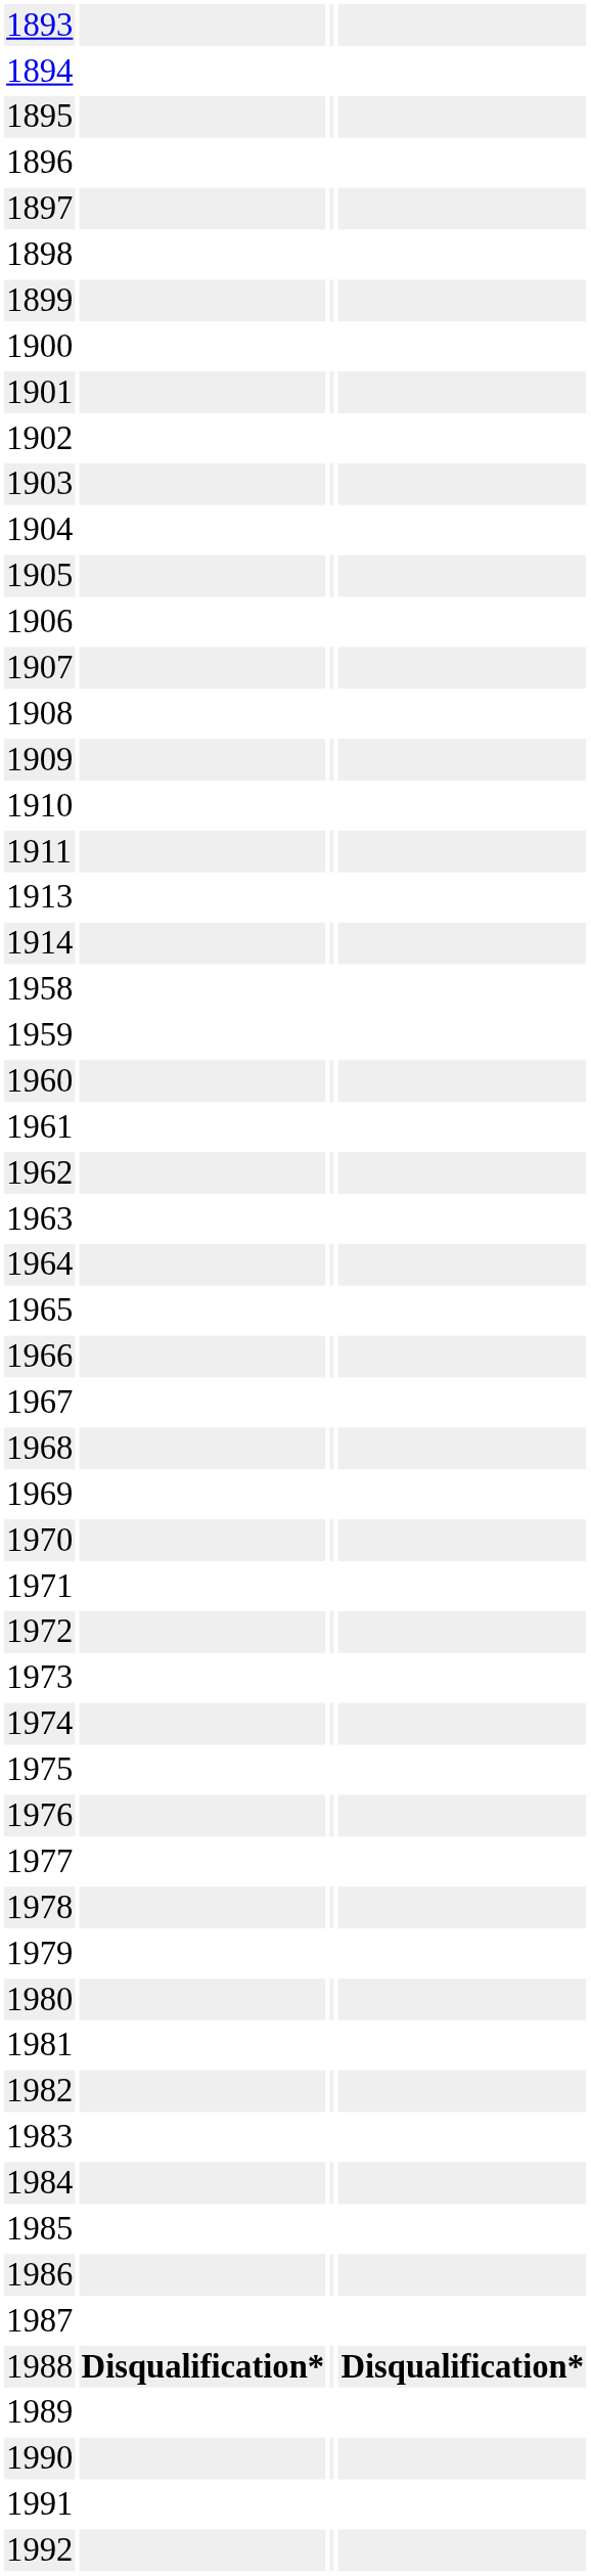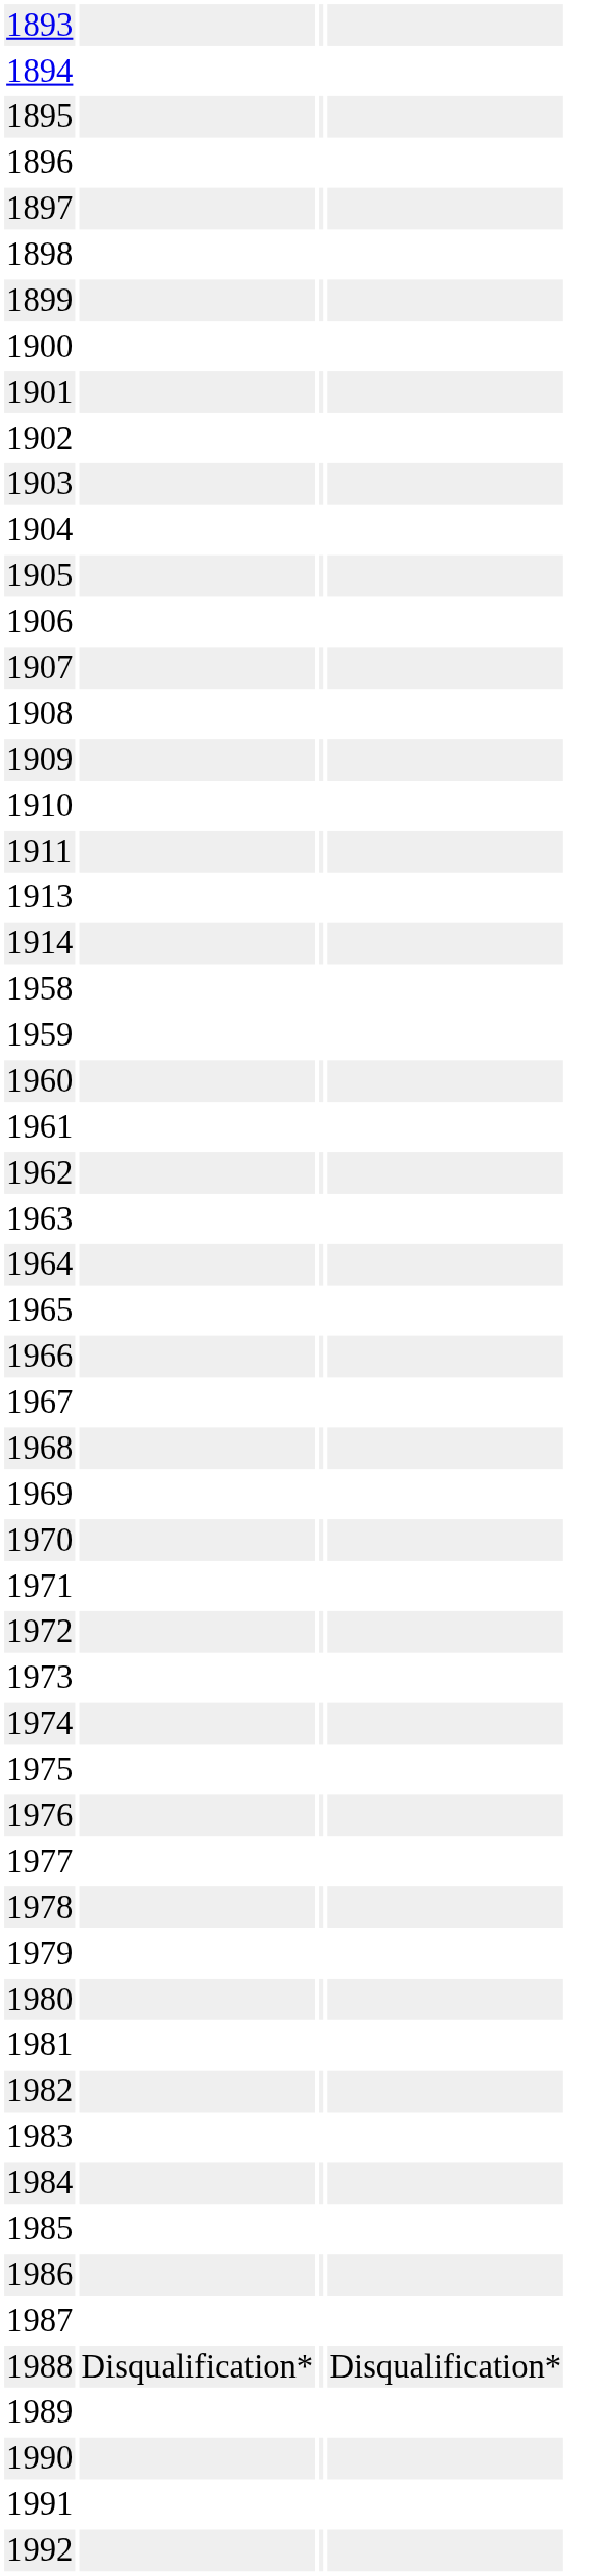 <table>
 <tr bgcolor="#EFEFEF">
 <td><a href='#'>1893</a></td>
 <td></td>
 <td></td>
 <td></td>
 </tr>
 <tr>
 <td><a href='#'>1894</a></td>
 <td></td>
 <td></td>
 <td></td>
 </tr>
 <tr bgcolor="#EFEFEF">
 <td>1895</td>
 <td></td>
 <td></td>
 <td></td>
 </tr>
 <tr>
 <td>1896</td>
 <td></td>
 <td></td>
 <td></td>
 </tr>
 <tr bgcolor="#EFEFEF">
 <td>1897</td>
 <td></td>
 <td></td>
 <td></td>
 </tr>
 <tr>
 <td>1898</td>
 <td></td>
 <td></td>
 <td></td>
 </tr>
 <tr bgcolor="#EFEFEF">
 <td>1899</td>
 <td></td>
 <td></td>
 <td></td>
 </tr>
 <tr>
 <td>1900</td>
 <td></td>
 <td></td>
 <td></td>
 </tr>
 <tr bgcolor="#EFEFEF">
 <td>1901</td>
 <td></td>
 <td></td>
 <td></td>
 </tr>
 <tr>
 <td>1902</td>
 <td></td>
 <td></td>
 <td></td>
 </tr>
 <tr bgcolor="#EFEFEF">
 <td>1903</td>
 <td></td>
 <td></td>
 <td></td>
 </tr>
 <tr>
 <td>1904</td>
 <td></td>
 <td></td>
 <td></td>
 </tr>
 <tr bgcolor="#EFEFEF">
 <td>1905</td>
 <td></td>
 <td></td>
 <td></td>
 </tr>
 <tr>
 <td>1906</td>
 <td></td>
 <td></td>
 <td></td>
 </tr>
 <tr bgcolor="#EFEFEF">
 <td>1907</td>
 <td></td>
 <td></td>
 <td></td>
 </tr>
 <tr>
 <td>1908</td>
 <td></td>
 <td></td>
 <td></td>
 </tr>
 <tr bgcolor="#EFEFEF">
 <td>1909</td>
 <td></td>
 <td></td>
 <td></td>
 </tr>
 <tr>
 <td>1910</td>
 <td></td>
 <td></td>
 <td></td>
 </tr>
 <tr bgcolor="#EFEFEF">
 <td>1911</td>
 <td></td>
 <td></td>
 <td></td>
 </tr>
 <tr>
 <td>1913</td>
 <td></td>
 <td></td>
 <td></td>
 </tr>
 <tr bgcolor="#EFEFEF">
 <td>1914</td>
 <td></td>
 <td></td>
 <td></td>
 </tr>
 <tr>
 <td>1958</td>
 <td></td>
 <td></td>
 <td></td>
 </tr>
 <tr>
 <td>1959</td>
 <td></td>
 <td></td>
 <td></td>
 </tr>
 <tr bgcolor="#EFEFEF">
 <td>1960</td>
 <td></td>
 <td></td>
 <td></td>
 </tr>
 <tr>
 <td>1961</td>
 <td></td>
 <td></td>
 <td></td>
 </tr>
 <tr bgcolor="#EFEFEF">
 <td>1962</td>
 <td></td>
 <td></td>
 <td></td>
 </tr>
 <tr>
 <td>1963</td>
 <td></td>
 <td></td>
 <td></td>
 </tr>
 <tr bgcolor="#EFEFEF">
 <td>1964</td>
 <td></td>
 <td><br></td>
 <td></td>
 </tr>
 <tr>
 <td>1965</td>
 <td></td>
 <td></td>
 <td></td>
 </tr>
 <tr bgcolor="#EFEFEF">
 <td>1966</td>
 <td></td>
 <td></td>
 <td></td>
 </tr>
 <tr>
 <td>1967</td>
 <td></td>
 <td></td>
 <td></td>
 </tr>
 <tr bgcolor="#EFEFEF">
 <td>1968</td>
 <td></td>
 <td></td>
 <td></td>
 </tr>
 <tr>
 <td>1969</td>
 <td></td>
 <td></td>
 <td></td>
 </tr>
 <tr bgcolor="#EFEFEF">
 <td>1970</td>
 <td></td>
 <td></td>
 <td></td>
 </tr>
 <tr>
 <td>1971</td>
 <td></td>
 <td></td>
 <td></td>
 </tr>
 <tr bgcolor="#EFEFEF">
 <td>1972</td>
 <td></td>
 <td></td>
 <td></td>
 </tr>
 <tr>
 <td>1973</td>
 <td></td>
 <td></td>
 <td></td>
 </tr>
 <tr bgcolor="#EFEFEF">
 <td>1974</td>
 <td></td>
 <td></td>
 <td></td>
 </tr>
 <tr>
 <td>1975</td>
 <td></td>
 <td></td>
 <td></td>
 </tr>
 <tr bgcolor="#EFEFEF">
 <td>1976</td>
 <td></td>
 <td></td>
 <td></td>
 </tr>
 <tr>
 <td>1977</td>
 <td></td>
 <td></td>
 <td></td>
 </tr>
 <tr bgcolor="#EFEFEF">
 <td>1978</td>
 <td></td>
 <td></td>
 <td></td>
 </tr>
 <tr>
 <td>1979</td>
 <td></td>
 <td></td>
 <td></td>
 </tr>
 <tr bgcolor="#EFEFEF">
 <td>1980</td>
 <td></td>
 <td></td>
 <td></td>
 </tr>
 <tr>
 <td>1981</td>
 <td></td>
 <td></td>
 <td></td>
 </tr>
 <tr bgcolor="#EFEFEF">
 <td>1982</td>
 <td></td>
 <td></td>
 <td></td>
 </tr>
 <tr>
 <td>1983</td>
 <td></td>
 <td></td>
 <td></td>
 </tr>
 <tr bgcolor="#EFEFEF">
 <td>1984</td>
 <td></td>
 <td></td>
 <td></td>
 </tr>
 <tr>
 <td>1985</td>
 <td></td>
 <td></td>
 <td></td>
 </tr>
 <tr bgcolor="#EFEFEF">
 <td>1986</td>
 <td></td>
 <td></td>
 <td></td>
 </tr>
 <tr>
 <td>1987</td>
 <td></td>
 <td></td>
 <td></td>
 </tr>
 <tr bgcolor="#EFEFEF">
 <td>1988</td>
-<td><strong>Disqualification*</strong></td>
+<td>Disqualification*</td>
 <td></td>
-<td><strong>Disqualification*</strong></td>
+<td>Disqualification*</td>
 </tr>
 <tr>
 <td>1989</td>
 <td></td>
 <td></td>
 <td></td>
 </tr>
 <tr bgcolor="#EFEFEF">
 <td>1990</td>
 <td></td>
 <td></td>
 <td></td>
 </tr>
 <tr>
 <td>1991</td>
 <td></td>
 <td></td>
 <td></td>
 </tr>
 <tr bgcolor="#EFEFEF">
 <td>1992</td>
 <td></td>
 <td></td>
 <td></td>
 </tr>
 </table>
